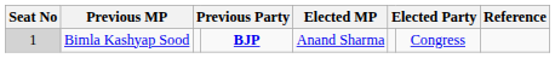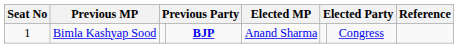 <table class="wikitable">
 <tr>
 <th>Seat No</th>
 <th>Previous MP</th>
 <th colspan=2>Previous Party</th>
 <th>Elected MP</th>
 <th colspan=2>Elected Party</th>
 <th>Reference</th>
 </tr>
 <tr style="text-align:center;">
-<td style="background: lightgrey;">1</td>
+<td>1</td>
 <td><a href='#'>Bimla Kashyap Sood</a></td>
 <td width="1px"></td>
 <td><strong><a href='#'>BJP</a></strong></td>
 <td><a href='#'>Anand Sharma</a></td>
 <td width="1px"></td>
 <td><a href='#'>Congress</a></td>
 <td rowspan=1></td>
 </tr>
 </table>
